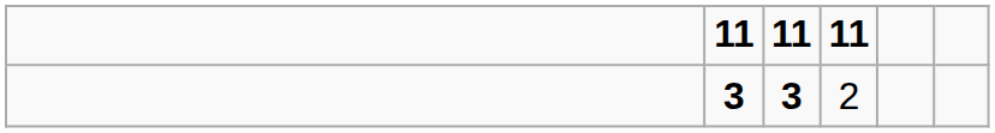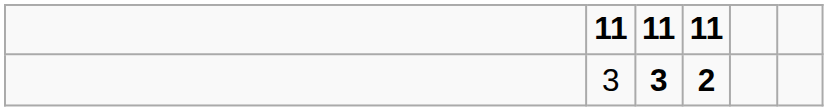 <table class="wikitable">
 <tr>
 <td style="width:18em"><strong></strong></td>
 <td align=center style="width:1em"><strong>11</strong></td>
 <td align=center style="width:1em"><strong>11</strong></td>
 <td align=center style="width:1em"><strong>11</strong></td>
 <td align=center style="width:1em"></td>
 <td align=center style="width:1em"></td>
 </tr>
 <tr>
 <td style="width:18em"></td>
+<td align=center style="width:1em">3</td>
 <td align=center style="width:1em"><strong>3</strong></td>
-<td align=center style="width:1em"><strong>3</strong></td>
-<td align=center style="width:1em">2</td>
+<td align=center style="width:1em"><strong>2</strong></td>
 <td align=center style="width:1em"></td>
 <td align=center style="width:1em"></td>
 </tr>
 </table>
